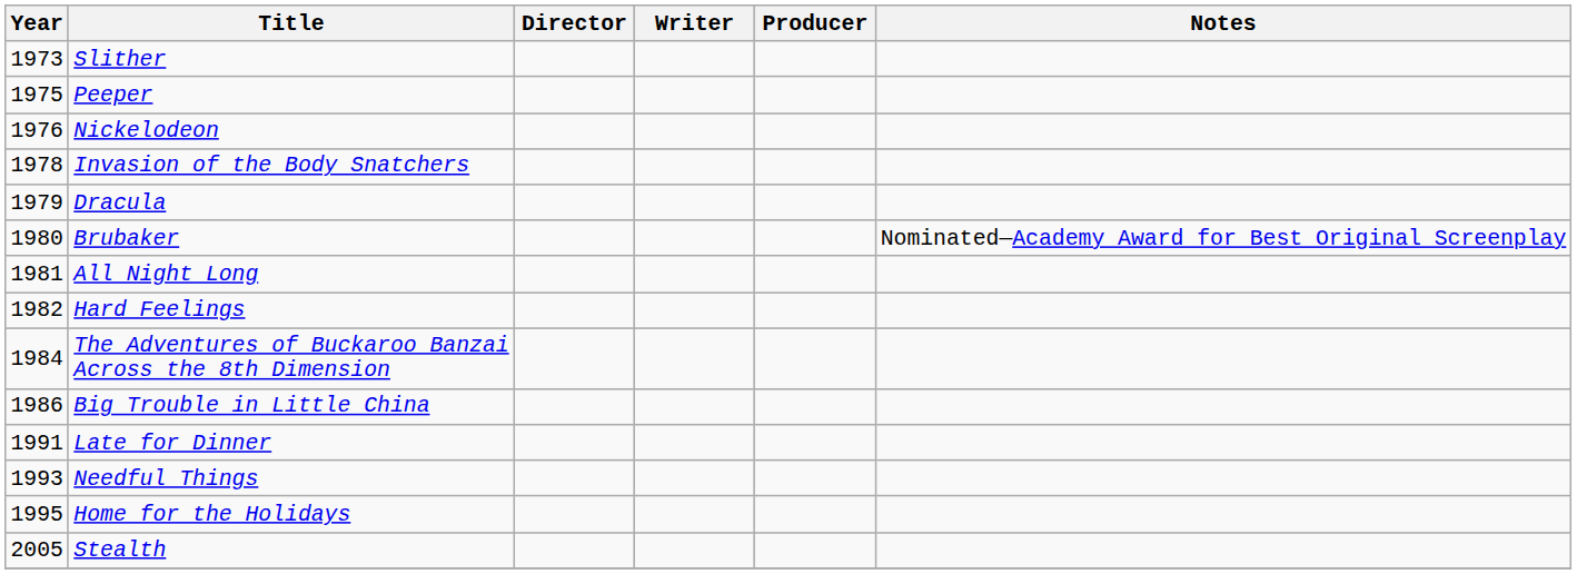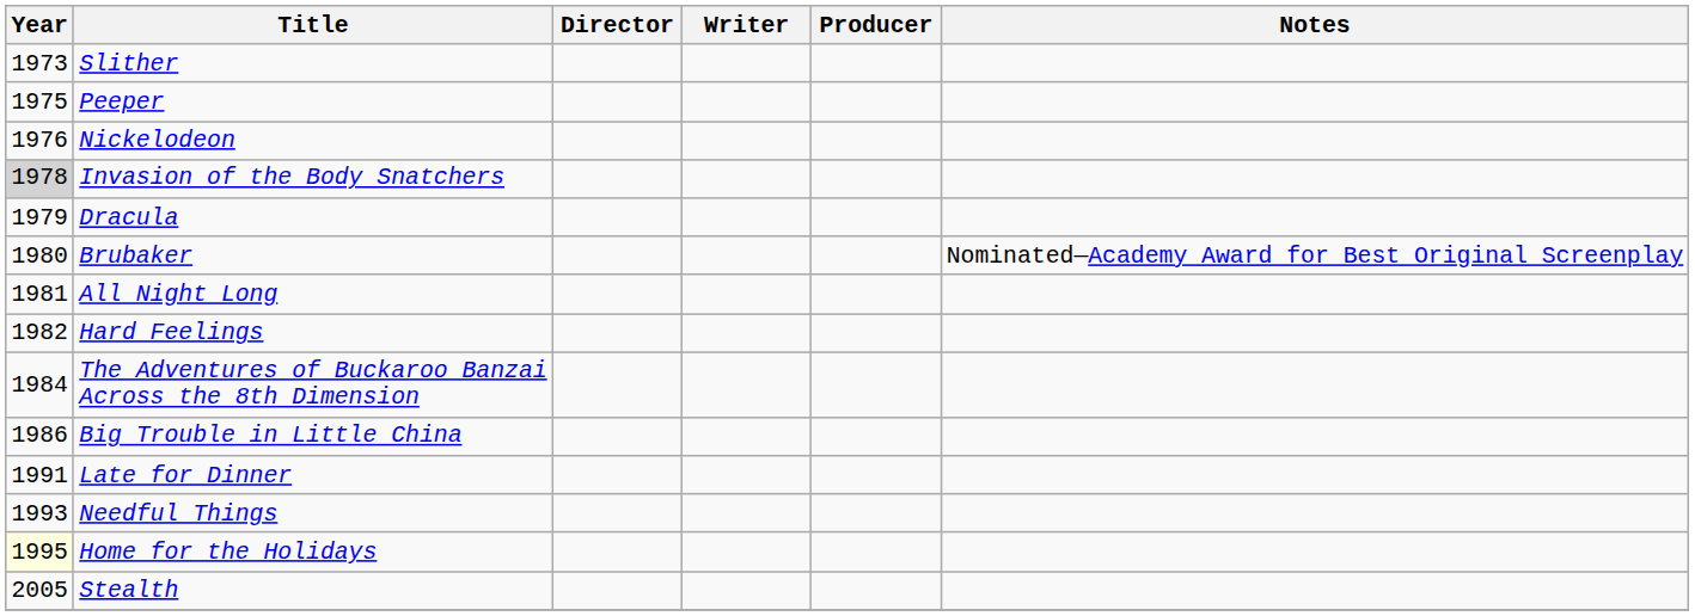 <table class="wikitable">
 <tr>
 <th>Year</th>
 <th>Title</th>
 <th width=65>Director</th>
 <th width=65>Writer</th>
 <th width=65>Producer</th>
 <th>Notes</th>
 </tr>
 <tr>
 <td>1973</td>
 <td><em><a href='#'>Slither</a></em></td>
 <td></td>
 <td></td>
 <td></td>
 <td></td>
 </tr>
 <tr>
 <td>1975</td>
 <td><em><a href='#'>Peeper</a></em></td>
 <td></td>
 <td></td>
 <td></td>
 <td></td>
 </tr>
 <tr>
 <td>1976</td>
 <td><em><a href='#'>Nickelodeon</a></em></td>
 <td></td>
 <td></td>
 <td></td>
 <td></td>
 </tr>
 <tr>
-<td>1978</td>
+<td style="background: lightgrey;">1978</td>
 <td><em><a href='#'>Invasion of the Body Snatchers</a></em></td>
 <td></td>
 <td></td>
 <td></td>
 <td></td>
 </tr>
 <tr>
 <td>1979</td>
 <td><em><a href='#'>Dracula</a></em></td>
 <td></td>
 <td></td>
 <td></td>
 <td></td>
 </tr>
 <tr>
 <td>1980</td>
 <td><em><a href='#'>Brubaker</a></em></td>
 <td></td>
 <td></td>
 <td></td>
 <td>Nominated—<a href='#'>Academy Award for Best Original Screenplay</a></td>
 </tr>
 <tr>
 <td>1981</td>
 <td><em><a href='#'>All Night Long</a></em></td>
 <td></td>
 <td></td>
 <td></td>
 <td></td>
 </tr>
 <tr>
 <td>1982</td>
 <td><em><a href='#'>Hard Feelings</a></em></td>
 <td></td>
 <td></td>
 <td></td>
 <td></td>
 </tr>
 <tr>
 <td>1984</td>
 <td><em><a href='#'>The Adventures of Buckaroo Banzai<br>Across the 8th Dimension</a></em></td>
 <td></td>
 <td></td>
 <td></td>
 <td></td>
 </tr>
 <tr>
 <td>1986</td>
 <td><em><a href='#'>Big Trouble in Little China</a></em></td>
 <td></td>
 <td></td>
 <td></td>
 <td></td>
 </tr>
 <tr>
 <td>1991</td>
 <td><em><a href='#'>Late for Dinner</a></em></td>
 <td></td>
 <td></td>
 <td></td>
 <td></td>
 </tr>
 <tr>
 <td>1993</td>
 <td><em><a href='#'>Needful Things</a></em></td>
 <td></td>
 <td></td>
 <td></td>
 <td></td>
 </tr>
 <tr>
-<td>1995</td>
+<td style="background: lightyellow;">1995</td>
 <td><em><a href='#'>Home for the Holidays</a></em></td>
 <td></td>
 <td></td>
 <td></td>
 <td></td>
 </tr>
 <tr>
 <td>2005</td>
 <td><em><a href='#'>Stealth</a></em></td>
 <td></td>
 <td></td>
 <td></td>
 <td></td>
 </tr>
 <tr>
 </tr>
 </table>
